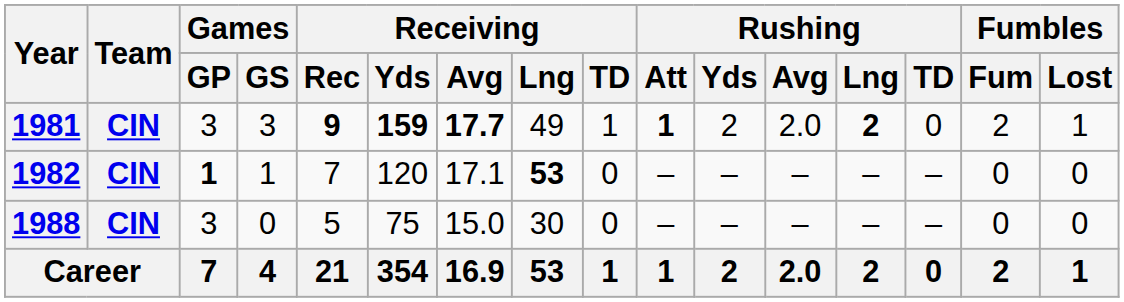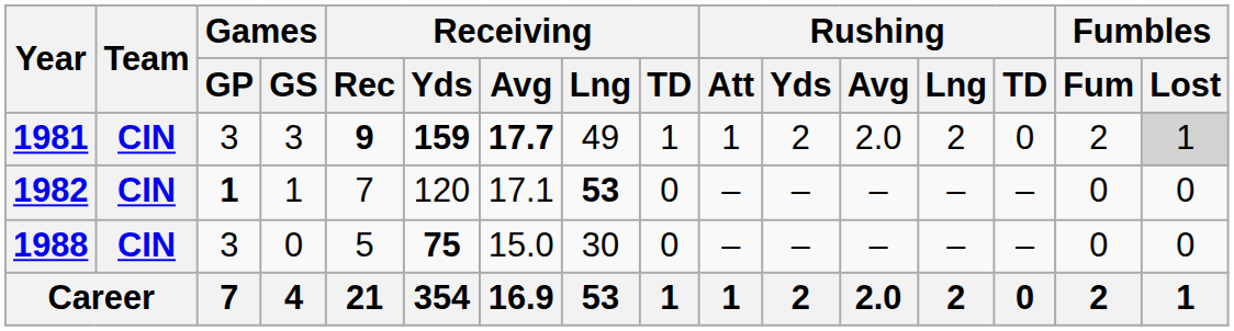 <table class="wikitable" style="text-align:center;">
 <tr>
 <th rowspan="2">Year</th>
 <th rowspan="2">Team</th>
 <th colspan="2">Games</th>
 <th colspan="5">Receiving</th>
 <th colspan="5">Rushing</th>
 <th colspan="2">Fumbles</th>
 </tr>
 <tr>
 <th>GP</th>
 <th>GS</th>
 <th>Rec</th>
 <th>Yds</th>
 <th>Avg</th>
 <th>Lng</th>
 <th>TD</th>
 <th>Att</th>
 <th>Yds</th>
 <th>Avg</th>
 <th>Lng</th>
 <th>TD</th>
 <th>Fum</th>
 <th>Lost</th>
 </tr>
 <tr>
 <th><a href='#'>1981</a></th>
 <th><a href='#'>CIN</a></th>
 <td>3</td>
 <td>3</td>
 <td><strong>9</strong></td>
 <td><strong>159</strong></td>
 <td><strong>17.7</strong></td>
 <td>49</td>
 <td>1</td>
-<td><strong>1</strong></td>
+<td>1</td>
 <td>2</td>
 <td>2.0</td>
-<td><strong>2</strong></td>
+<td>2</td>
 <td>0</td>
 <td>2</td>
-<td>1</td>
+<td style="background: lightgrey;">1</td>
 </tr>
 <tr>
 <th><a href='#'>1982</a></th>
 <th><a href='#'>CIN</a></th>
 <td><strong>1</strong></td>
 <td>1</td>
 <td>7</td>
 <td>120</td>
 <td>17.1</td>
 <td><strong>53</strong></td>
 <td>0</td>
 <td>–</td>
 <td>–</td>
 <td>–</td>
 <td>–</td>
 <td>–</td>
 <td>0</td>
 <td>0</td>
 </tr>
 <tr>
 <th><a href='#'>1988</a></th>
 <th><a href='#'>CIN</a></th>
 <td>3</td>
 <td>0</td>
 <td>5</td>
-<td>75</td>
+<td><strong>75</strong></td>
 <td>15.0</td>
 <td>30</td>
 <td>0</td>
 <td>–</td>
 <td>–</td>
 <td>–</td>
 <td>–</td>
 <td>–</td>
 <td>0</td>
 <td>0</td>
 </tr>
 <tr>
 <th colspan="2">Career</th>
 <th>7</th>
 <th>4</th>
 <th>21</th>
 <th>354</th>
 <th>16.9</th>
 <th>53</th>
 <th>1</th>
 <th>1</th>
 <th>2</th>
 <th>2.0</th>
 <th>2</th>
 <th>0</th>
 <th>2</th>
 <th>1</th>
 </tr>
 </table>
